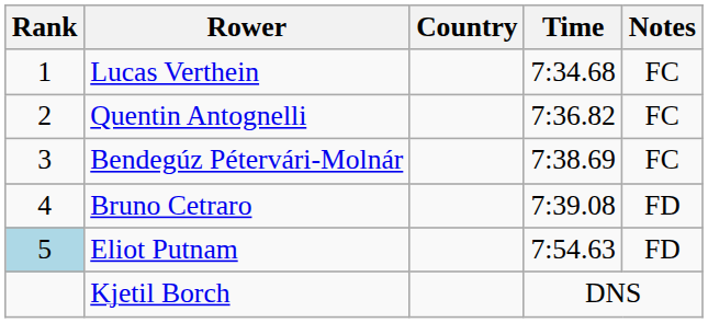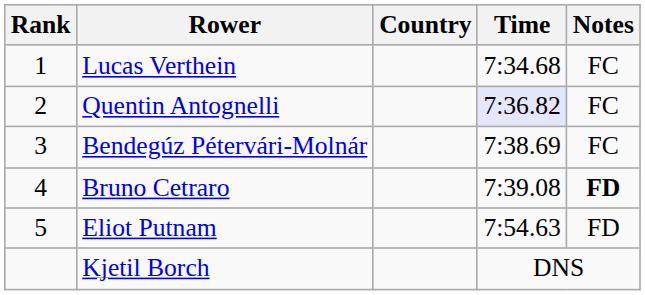 <table class="wikitable" style="text-align:center">
 <tr>
 <th>Rank</th>
 <th>Rower</th>
 <th>Country</th>
 <th>Time</th>
 <th>Notes</th>
 </tr>
 <tr>
 <td>1</td>
 <td align="left"><a href='#'>Lucas Verthein</a></td>
 <td align="left"></td>
 <td>7:34.68</td>
 <td>FC</td>
 </tr>
 <tr>
 <td>2</td>
 <td align="left"><a href='#'>Quentin Antognelli</a></td>
 <td align="left"></td>
-<td>7:36.82</td>
+<td style="background: lavender;">7:36.82</td>
 <td>FC</td>
 </tr>
 <tr>
 <td>3</td>
 <td align="left"><a href='#'>Bendegúz Pétervári-Molnár</a></td>
 <td align="left"></td>
 <td>7:38.69</td>
 <td>FC</td>
 </tr>
 <tr>
 <td>4</td>
 <td align="left"><a href='#'>Bruno Cetraro</a></td>
 <td align="left"></td>
 <td>7:39.08</td>
-<td>FD</td>
+<td><strong>FD</strong></td>
 </tr>
 <tr>
-<td style="background: lightblue;">5</td>
+<td>5</td>
 <td align="left"><a href='#'>Eliot Putnam</a></td>
 <td align="left"></td>
 <td>7:54.63</td>
 <td>FD</td>
 </tr>
 <tr>
 <td></td>
 <td align="left"><a href='#'>Kjetil Borch</a></td>
 <td align="left"></td>
 <td colspan=2>DNS</td>
 </tr>
 </table>
